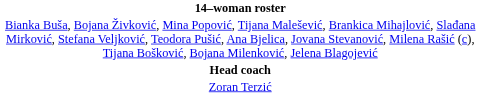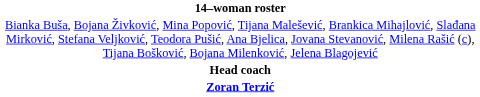 <table style="text-align: center; margin-top: 2em; margin-left: auto; margin-right: auto">
 <tr>
 <td><strong>14–woman roster</strong></td>
 </tr>
 <tr>
 <td><a href='#'>Bianka Buša</a>, <a href='#'>Bojana Živković</a>, <a href='#'>Mina Popović</a>, <a href='#'>Tijana Malešević</a>, <a href='#'>Brankica Mihajlović</a>, <a href='#'>Slađana Mirković</a>, <a href='#'>Stefana Veljković</a>, <a href='#'>Teodora Pušić</a>, <a href='#'>Ana Bjelica</a>, <a href='#'>Jovana Stevanović</a>, <a href='#'>Milena Rašić</a> (<a href='#'>c</a>), <a href='#'>Tijana Bošković</a>, <a href='#'>Bojana Milenković</a>, <a href='#'>Jelena Blagojević</a></td>
 </tr>
 <tr>
 <td><strong>Head coach</strong></td>
 </tr>
 <tr>
-<td><a href='#'>Zoran Terzić</a></td>
+<td><strong><a href='#'>Zoran Terzić</a></strong></td>
 </tr>
 </table>
